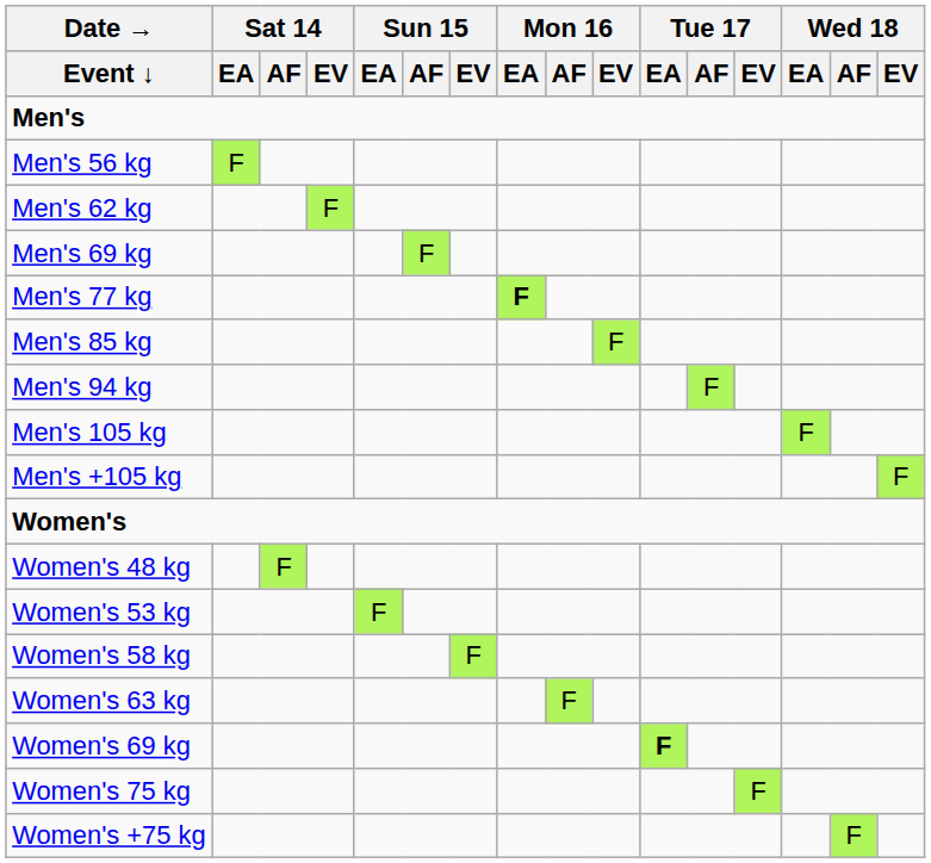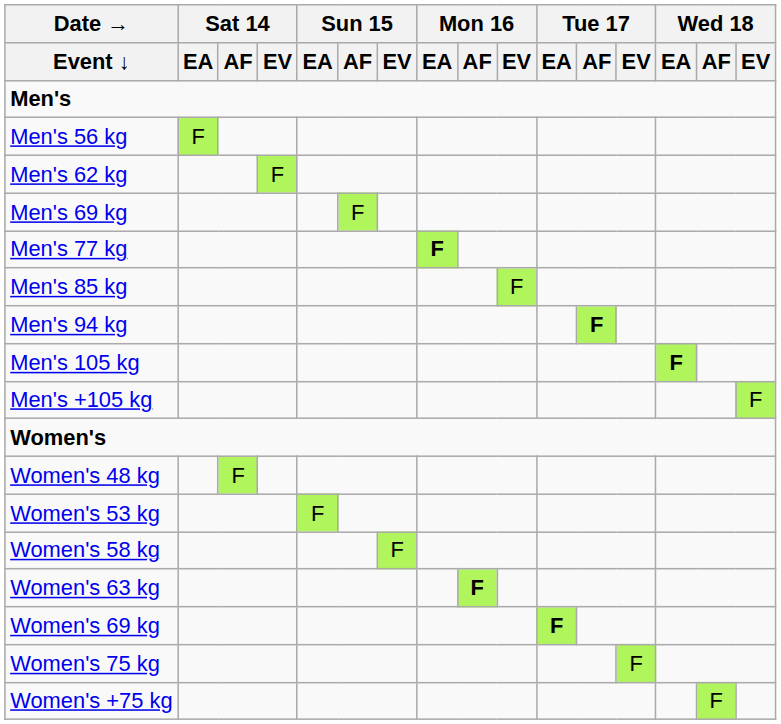 <table class="wikitable" style="margin:0.5em auto; font-size:90%; line-height:1.25em; text-align:center;">
 <tr>
 <th>Date →</th>
 <th colspan="3">Sat 14</th>
 <th colspan="3">Sun 15</th>
 <th colspan="3">Mon 16</th>
 <th colspan="3">Tue 17</th>
 <th colspan="3">Wed 18</th>
 </tr>
 <tr>
 <th>Event   ↓</th>
 <th>EA</th>
 <th>AF</th>
 <th>EV</th>
 <th>EA</th>
 <th>AF</th>
 <th>EV</th>
 <th>EA</th>
 <th>AF</th>
 <th>EV</th>
 <th>EA</th>
 <th>AF</th>
 <th>EV</th>
 <th>EA</th>
 <th>AF</th>
 <th>EV</th>
 </tr>
 <tr>
 <td colspan="25" style="text-align:left;"><strong>Men's</strong></td>
 </tr>
 <tr>
 <td style="text-align:left;"><a href='#'>Men's 56 kg</a></td>
 <td style="background-color:#AFF55B;">F</td>
 <td colspan=2></td>
 <td colspan=3></td>
 <td colspan=3></td>
 <td colspan=3></td>
 <td colspan=3></td>
 </tr>
 <tr>
 <td style="text-align:left;"><a href='#'>Men's 62 kg</a></td>
 <td colspan=2></td>
 <td style="background-color:#AFF55B;">F</td>
 <td colspan=3></td>
 <td colspan=3></td>
 <td colspan=3></td>
 <td colspan=3></td>
 </tr>
 <tr>
 <td style="text-align:left;"><a href='#'>Men's 69 kg</a></td>
 <td colspan=3></td>
 <td></td>
 <td style="background-color:#AFF55B;">F</td>
 <td></td>
 <td colspan=3></td>
 <td colspan=3></td>
 <td colspan=3></td>
 </tr>
 <tr>
 <td style="text-align:left;"><a href='#'>Men's 77 kg</a></td>
 <td colspan=3></td>
 <td colspan=3></td>
 <td style="background-color:#AFF55B;"><strong>F</strong></td>
 <td colspan=2></td>
 <td colspan=3></td>
 <td colspan=3></td>
 </tr>
 <tr>
 <td style="text-align:left;"><a href='#'>Men's 85 kg</a></td>
 <td colspan=3></td>
 <td colspan=3></td>
 <td colspan=2></td>
 <td style="background-color:#AFF55B;">F</td>
 <td colspan=3></td>
 <td colspan=3></td>
 </tr>
 <tr>
 <td style="text-align:left;"><a href='#'>Men's 94 kg</a></td>
 <td colspan=3></td>
 <td colspan=3></td>
 <td colspan=3></td>
 <td></td>
-<td style="background-color:#AFF55B;">F</td>
+<td style="background-color:#AFF55B;"><strong>F</strong></td>
 <td></td>
 <td colspan=3></td>
 </tr>
 <tr>
 <td style="text-align:left;"><a href='#'>Men's 105 kg</a></td>
 <td colspan=3></td>
 <td colspan=3></td>
 <td colspan=3></td>
 <td colspan=3></td>
-<td style="background-color:#AFF55B;">F</td>
+<td style="background-color:#AFF55B;"><strong>F</strong></td>
 <td colspan=2></td>
 </tr>
 <tr>
 <td style="text-align:left;"><a href='#'>Men's +105 kg</a></td>
 <td colspan=3></td>
 <td colspan=3></td>
 <td colspan=3></td>
 <td colspan=3></td>
 <td colspan=2></td>
 <td style="background-color:#AFF55B;">F</td>
 </tr>
 <tr>
 <td colspan="25" style="text-align:left;"><strong>Women's</strong></td>
 </tr>
 <tr>
 <td style="text-align:left;"><a href='#'>Women's 48 kg</a></td>
 <td></td>
 <td style="background-color:#AFF55B;">F</td>
 <td></td>
 <td colspan=3></td>
 <td colspan=3></td>
 <td colspan=3></td>
 <td colspan=3></td>
 </tr>
 <tr>
 <td style="text-align:left;"><a href='#'>Women's 53 kg</a></td>
 <td colspan=3></td>
 <td style="background-color:#AFF55B;">F</td>
 <td colspan=2></td>
 <td colspan=3></td>
 <td colspan=3></td>
 <td colspan=3></td>
 </tr>
 <tr>
 <td style="text-align:left;"><a href='#'>Women's 58 kg</a></td>
 <td colspan=3></td>
 <td colspan=2></td>
 <td style="background-color:#AFF55B;">F</td>
 <td colspan=3></td>
 <td colspan=3></td>
 <td colspan=3></td>
 </tr>
 <tr>
 <td style="text-align:left;"><a href='#'>Women's 63 kg</a></td>
 <td colspan=3></td>
 <td colspan=3></td>
 <td></td>
-<td style="background-color:#AFF55B;">F</td>
+<td style="background-color:#AFF55B;"><strong>F</strong></td>
 <td></td>
 <td colspan=3></td>
 <td colspan=3></td>
 </tr>
 <tr>
 <td style="text-align:left;"><a href='#'>Women's 69 kg</a></td>
 <td colspan=3></td>
 <td colspan=3></td>
 <td colspan=3></td>
 <td style="background-color:#AFF55B;"><strong>F</strong></td>
 <td colspan=2></td>
 <td colspan=3></td>
 </tr>
 <tr>
 <td style="text-align:left;"><a href='#'>Women's 75 kg</a></td>
 <td colspan=3></td>
 <td colspan=3></td>
 <td colspan=3></td>
 <td colspan=2></td>
 <td style="background-color:#AFF55B;">F</td>
 <td colspan=3></td>
 </tr>
 <tr>
 <td style="text-align:left;"><a href='#'>Women's +75 kg</a></td>
 <td colspan=3></td>
 <td colspan=3></td>
 <td colspan=3></td>
 <td colspan=3></td>
 <td></td>
 <td style="background-color:#AFF55B;">F</td>
 <td></td>
 </tr>
 </table>
